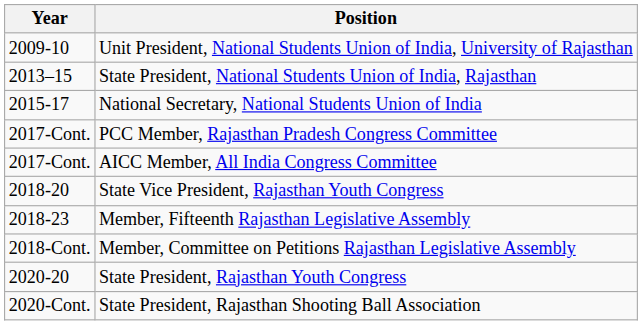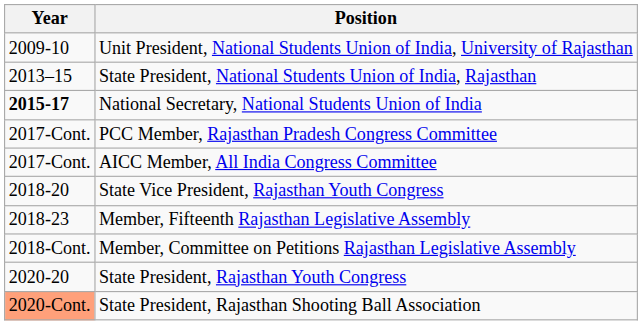 <table class="wikitable">
 <tr>
 <th>Year</th>
 <th>Position</th>
 </tr>
 <tr>
 <td>2009-10</td>
 <td>Unit President, <a href='#'>National Students Union of India</a>, <a href='#'>University of Rajasthan</a></td>
 </tr>
 <tr>
 <td>2013–15</td>
 <td>State President, <a href='#'>National Students Union of India</a>, <a href='#'>Rajasthan</a></td>
 </tr>
 <tr>
-<td>2015-17</td>
+<td><strong>2015-17</strong></td>
 <td>National Secretary, <a href='#'>National Students Union of India</a></td>
 </tr>
 <tr>
 <td>2017-Cont.</td>
 <td>PCC Member, <a href='#'>Rajasthan Pradesh Congress Committee</a></td>
 </tr>
 <tr>
 <td>2017-Cont.</td>
 <td>AICC Member, <a href='#'>All India Congress Committee</a></td>
 </tr>
 <tr>
 <td>2018-20</td>
 <td>State Vice President, <a href='#'>Rajasthan Youth Congress</a></td>
 </tr>
 <tr>
 <td>2018-23</td>
 <td>Member, Fifteenth <a href='#'>Rajasthan Legislative Assembly</a></td>
 </tr>
 <tr>
 <td>2018-Cont.</td>
 <td>Member, Committee on Petitions <a href='#'>Rajasthan Legislative Assembly</a></td>
 </tr>
 <tr>
 <td>2020-20</td>
 <td>State President, <a href='#'>Rajasthan Youth Congress</a></td>
 </tr>
 <tr>
-<td>2020-Cont.</td>
+<td style="background: lightsalmon;">2020-Cont.</td>
 <td>State President, Rajasthan Shooting Ball Association</td>
 </tr>
 </table>
